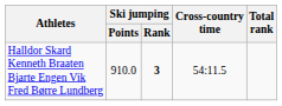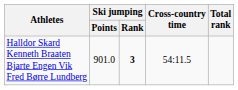 <table class="wikitable" border="1" style="font-size:90%">
 <tr>
 <th rowspan="2">Athletes</th>
 <th colspan="2">Ski jumping</th>
 <th rowspan="2">Cross-country <br> time</th>
 <th rowspan="2">Total <br> rank</th>
 </tr>
 <tr>
 <th>Points</th>
 <th>Rank</th>
 </tr>
 <tr>
 <td><a href='#'>Halldor Skard</a><br><a href='#'>Kenneth Braaten</a><br><a href='#'>Bjarte Engen Vik</a><br><a href='#'>Fred Børre Lundberg</a></td>
-<td align=center>910.0</td>
+<td align=center>901.0</td>
 <td align=center><strong>3</strong></td>
 <td align=center>54:11.5</td>
 <td align=center></td>
 </tr>
 </table>
